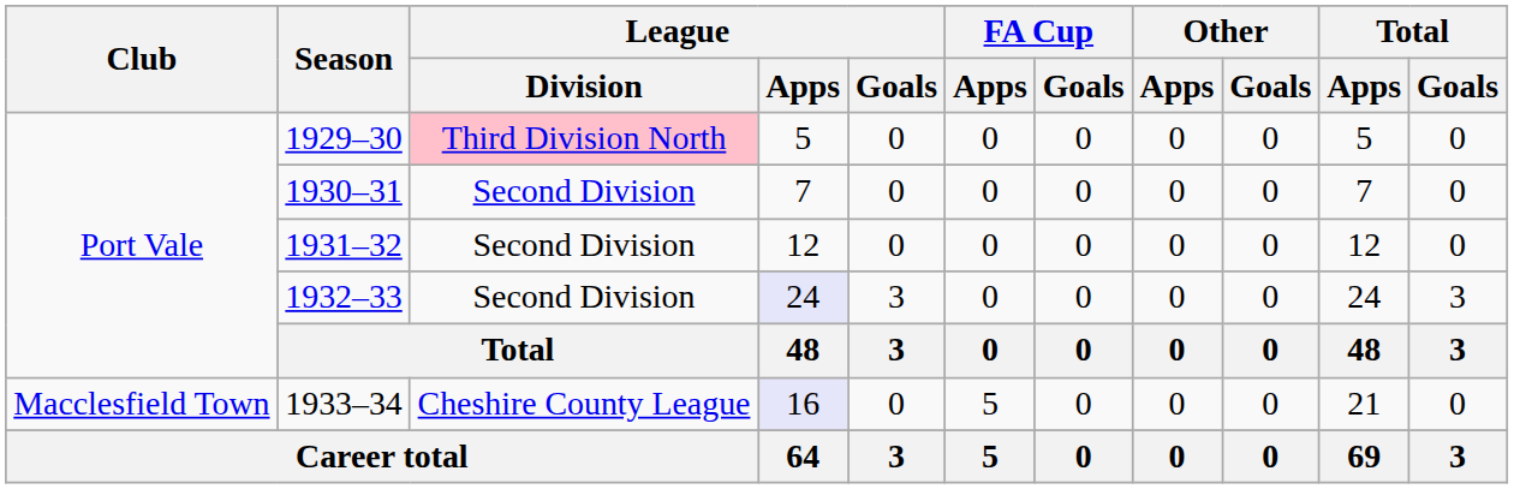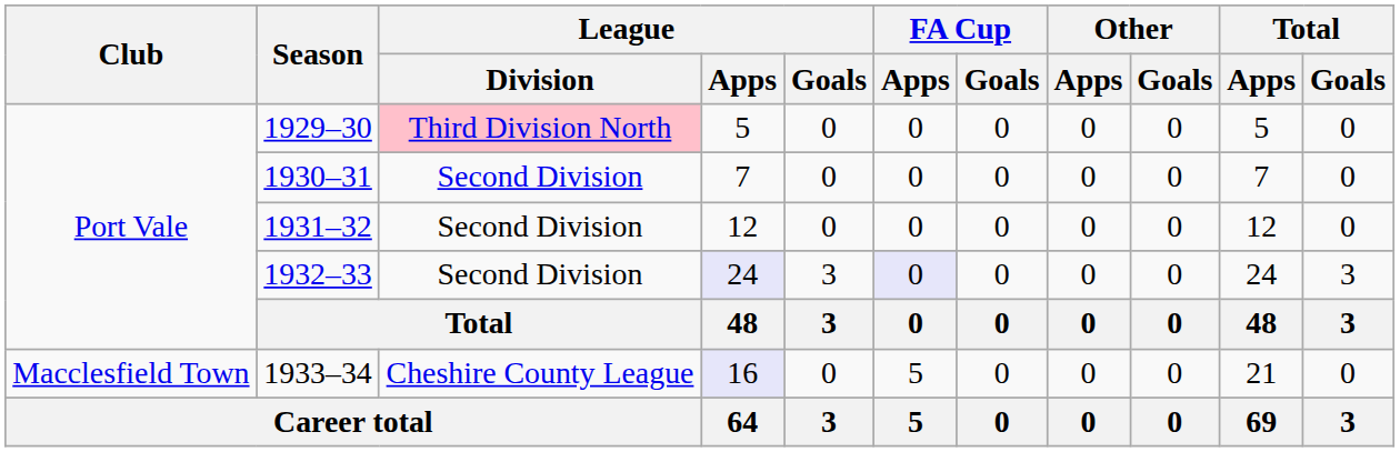 <table class="wikitable" style="text-align:center">
 <tr>
 <th rowspan="2">Club</th>
 <th rowspan="2">Season</th>
 <th colspan="3">League</th>
 <th colspan="2"><a href='#'>FA Cup</a></th>
 <th colspan="2">Other</th>
 <th colspan="2">Total</th>
 </tr>
 <tr>
 <th>Division</th>
 <th>Apps</th>
 <th>Goals</th>
 <th>Apps</th>
 <th>Goals</th>
 <th>Apps</th>
 <th>Goals</th>
 <th>Apps</th>
 <th>Goals</th>
 </tr>
 <tr>
 <td rowspan="5"><a href='#'>Port Vale</a></td>
 <td><a href='#'>1929–30</a></td>
 <td style="background: pink;"><a href='#'>Third Division North</a></td>
 <td>5</td>
 <td>0</td>
 <td>0</td>
 <td>0</td>
 <td>0</td>
 <td>0</td>
 <td>5</td>
 <td>0</td>
 </tr>
 <tr>
 <td><a href='#'>1930–31</a></td>
 <td><a href='#'>Second Division</a></td>
 <td>7</td>
 <td>0</td>
 <td>0</td>
 <td>0</td>
 <td>0</td>
 <td>0</td>
 <td>7</td>
 <td>0</td>
 </tr>
 <tr>
 <td><a href='#'>1931–32</a></td>
 <td>Second Division</td>
 <td>12</td>
 <td>0</td>
 <td>0</td>
 <td>0</td>
 <td>0</td>
 <td>0</td>
 <td>12</td>
 <td>0</td>
 </tr>
 <tr>
 <td><a href='#'>1932–33</a></td>
 <td>Second Division</td>
 <td style="background: lavender;">24</td>
 <td>3</td>
-<td>0</td>
+<td style="background: lavender;">0</td>
 <td>0</td>
 <td>0</td>
 <td>0</td>
 <td>24</td>
 <td>3</td>
 </tr>
 <tr>
 <th colspan="2">Total</th>
 <th>48</th>
 <th>3</th>
 <th>0</th>
 <th>0</th>
 <th>0</th>
 <th>0</th>
 <th>48</th>
 <th>3</th>
 </tr>
 <tr>
 <td><a href='#'>Macclesfield Town</a></td>
 <td>1933–34</td>
 <td><a href='#'>Cheshire County League</a></td>
 <td style="background: lavender;">16</td>
 <td>0</td>
 <td>5</td>
 <td>0</td>
 <td>0</td>
 <td>0</td>
 <td>21</td>
 <td>0</td>
 </tr>
 <tr>
 <th colspan="3">Career total</th>
 <th>64</th>
 <th>3</th>
 <th>5</th>
 <th>0</th>
 <th>0</th>
 <th>0</th>
 <th>69</th>
 <th>3</th>
 </tr>
 </table>
